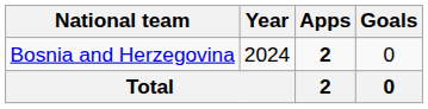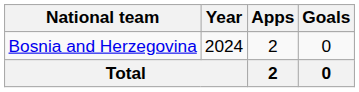 <table class="wikitable" style="text-align:center">
 <tr>
 <th>National team</th>
 <th>Year</th>
 <th>Apps</th>
 <th>Goals</th>
 </tr>
 <tr>
 <td rowspan=2><a href='#'>Bosnia and Herzegovina</a></td>
 </tr>
 <tr>
 <td>2024</td>
-<td><strong>2</strong></td>
+<td>2</td>
 <td>0</td>
 </tr>
 <tr>
 <th colspan=2>Total</th>
 <th>2</th>
 <th>0</th>
 </tr>
 </table>
